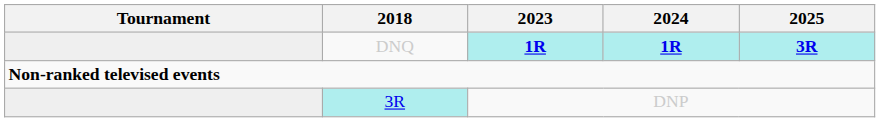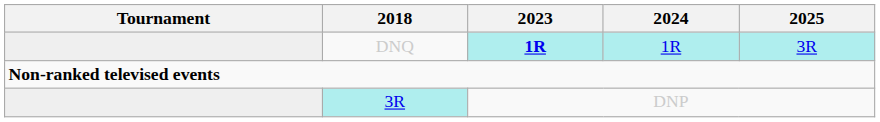 <table class="wikitable" style="width:50%; margin:0">
 <tr>
 <th>Tournament</th>
 <th>2018</th>
 <th>2023</th>
 <th>2024</th>
 <th>2025</th>
 </tr>
 <tr>
 <td style="background:#efefef;"></td>
 <td style="text-align:center; color:#ccc;">DNQ</td>
 <td style="text-align:center; background:#afeeee;"><strong><a href='#'>1R</a></strong></td>
-<td style="text-align:center; background:#afeeee;"><strong><a href='#'>1R</a></strong></td>
-<td style="text-align:center; background:#afeeee;"><strong><a href='#'>3R</a></strong></td>
+<td style="text-align:center; background:#afeeee;"><a href='#'>1R</a></td>
+<td style="text-align:center; background:#afeeee;"><a href='#'>3R</a></td>
 </tr>
 <tr>
 <td colspan="15" align="left"><strong>Non-ranked televised events</strong></td>
 </tr>
 <tr>
 <td style="background:#efefef;"></td>
 <td style="text-align:center; background:#afeeee;"><a href='#'>3R</a></td>
 <td colspan="3" style="text-align:center; color:#ccc;">DNP</td>
 </tr>
 </table>
